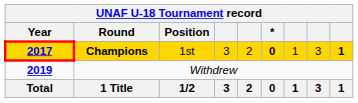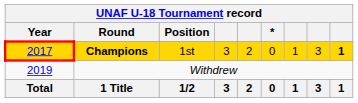 <table class="wikitable" style="font-size:90%; text-align:center;" width="50%">
 <tr>
 <th colspan="9"><a href='#'>UNAF U-18 Tournament</a> record</th>
 </tr>
 <tr>
 <th width="15%">Year</th>
 <th width="15%">Round</th>
 <th width="5%">Position</th>
 <th width="5%"></th>
 <th width="5%"></th>
 <th width="5%">*</th>
 <th width="5%"></th>
 <th width="5%"></th>
 <th width="5%"></th>
 </tr>
 <tr bgcolor="gold">
-<td style="border: 3px solid red"><strong> <a href='#'>2017</a></strong></td>
+<td style="border: 3px solid red"> <a href='#'>2017</a></td>
 <td><strong>Champions</strong></td>
 <td>1st</td>
 <td>3</td>
 <td>2</td>
-<td><strong>0</strong></td>
+<td>0</td>
 <td>1</td>
 <td>3</td>
 <td><strong>1</strong></td>
 </tr>
 <tr bgcolor="">
-<td><strong> <a href='#'>2019</a></strong></td>
+<td> <a href='#'>2019</a></td>
 <td colspan="8"><em>Withdrew</em></td>
 </tr>
 <tr>
 <th>Total</th>
 <th>1 Title</th>
 <th>1/2</th>
 <th>3</th>
 <th>2</th>
 <th>0</th>
 <th>1</th>
 <th>3</th>
 <th>1</th>
 </tr>
 </table>
